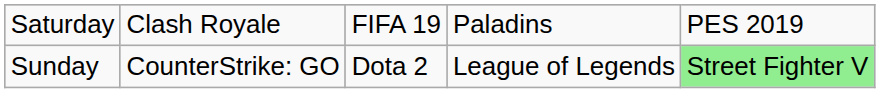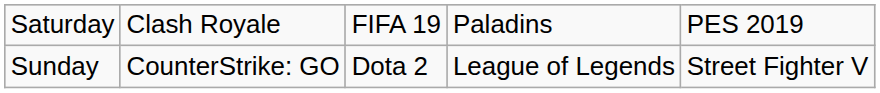 <table class="wikitable">
 <tr>
 <td>Saturday</td>
 <td>Clash Royale</td>
 <td>FIFA 19</td>
 <td>Paladins</td>
 <td>PES 2019</td>
 </tr>
 <tr>
 <td>Sunday</td>
 <td>CounterStrike: GO</td>
 <td>Dota 2</td>
 <td>League of Legends</td>
-<td style="background: lightgreen;">Street Fighter V</td>
+<td>Street Fighter V</td>
 </tr>
 </table>
